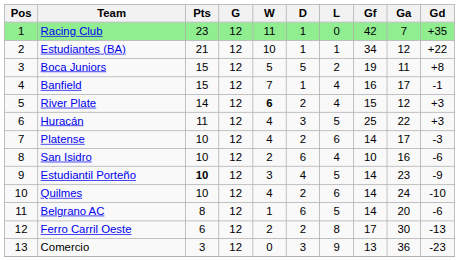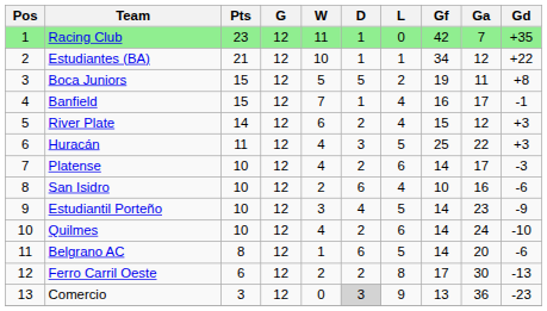 <table class="wikitable" style="text-align:center">
 <tr>
 <th width=40px>Pos</th>
 <th width=200px>Team</th>
 <th width=40px>Pts</th>
 <th width=40px>G</th>
 <th width=40px>W</th>
 <th width=40px>D</th>
 <th width=40px>L</th>
 <th width=40px>Gf</th>
 <th width=40px>Ga</th>
 <th width=40px>Gd</th>
 </tr>
 <tr bgcolor="lightgreen">
 <td>1</td>
 <td align=left><a href='#'>Racing Club</a></td>
 <td>23</td>
 <td>12</td>
 <td>11</td>
 <td>1</td>
 <td>0</td>
 <td>42</td>
 <td>7</td>
 <td>+35</td>
 </tr>
 <tr>
 <td>2</td>
 <td align=left><a href='#'>Estudiantes (BA)</a></td>
 <td>21</td>
 <td>12</td>
 <td>10</td>
 <td>1</td>
 <td>1</td>
 <td>34</td>
 <td>12</td>
 <td>+22</td>
 </tr>
 <tr>
 <td>3</td>
 <td align=left><a href='#'>Boca Juniors</a></td>
 <td>15</td>
 <td>12</td>
 <td>5</td>
 <td>5</td>
 <td>2</td>
 <td>19</td>
 <td>11</td>
 <td>+8</td>
 </tr>
 <tr>
 <td>4</td>
 <td align=left><a href='#'>Banfield</a></td>
 <td>15</td>
 <td>12</td>
 <td>7</td>
 <td>1</td>
 <td>4</td>
 <td>16</td>
 <td>17</td>
 <td>-1</td>
 </tr>
 <tr>
 <td>5</td>
 <td align=left><a href='#'>River Plate</a></td>
 <td>14</td>
 <td>12</td>
-<td><strong>6</strong></td>
+<td>6</td>
 <td>2</td>
 <td>4</td>
 <td>15</td>
 <td>12</td>
 <td>+3</td>
 </tr>
 <tr>
 <td>6</td>
 <td align=left><a href='#'>Huracán</a></td>
 <td>11</td>
 <td>12</td>
 <td>4</td>
 <td>3</td>
 <td>5</td>
 <td>25</td>
 <td>22</td>
 <td>+3</td>
 </tr>
 <tr>
 <td>7</td>
 <td align=left><a href='#'>Platense</a></td>
 <td>10</td>
 <td>12</td>
 <td>4</td>
 <td>2</td>
 <td>6</td>
 <td>14</td>
 <td>17</td>
 <td>-3</td>
 </tr>
 <tr>
 <td>8</td>
 <td align=left><a href='#'>San Isidro</a></td>
 <td>10</td>
 <td>12</td>
 <td>2</td>
 <td>6</td>
 <td>4</td>
 <td>10</td>
 <td>16</td>
 <td>-6</td>
 </tr>
 <tr>
 <td>9</td>
 <td align=left><a href='#'>Estudiantil Porteño</a></td>
-<td><strong>10</strong></td>
+<td>10</td>
 <td>12</td>
 <td>3</td>
 <td>4</td>
 <td>5</td>
 <td>14</td>
 <td>23</td>
 <td>-9</td>
 </tr>
 <tr>
 <td>10</td>
 <td align=left><a href='#'>Quilmes</a></td>
 <td>10</td>
 <td>12</td>
 <td>4</td>
 <td>2</td>
 <td>6</td>
 <td>14</td>
 <td>24</td>
 <td>-10</td>
 </tr>
 <tr>
 <td>11</td>
 <td align=left><a href='#'>Belgrano AC</a></td>
 <td>8</td>
 <td>12</td>
 <td>1</td>
 <td>6</td>
 <td>5</td>
 <td>14</td>
 <td>20</td>
 <td>-6</td>
 </tr>
 <tr>
 <td>12</td>
 <td align=left><a href='#'>Ferro Carril Oeste</a></td>
 <td>6</td>
 <td>12</td>
 <td>2</td>
 <td>2</td>
 <td>8</td>
 <td>17</td>
 <td>30</td>
 <td>-13</td>
 </tr>
 <tr>
 <td>13</td>
 <td align=left>Comercio</td>
 <td>3</td>
 <td>12</td>
 <td>0</td>
-<td>3</td>
+<td style="background: lightgrey;">3</td>
 <td>9</td>
 <td>13</td>
 <td>36</td>
 <td>-23</td>
 </tr>
 <tr>
 </tr>
 </table>
